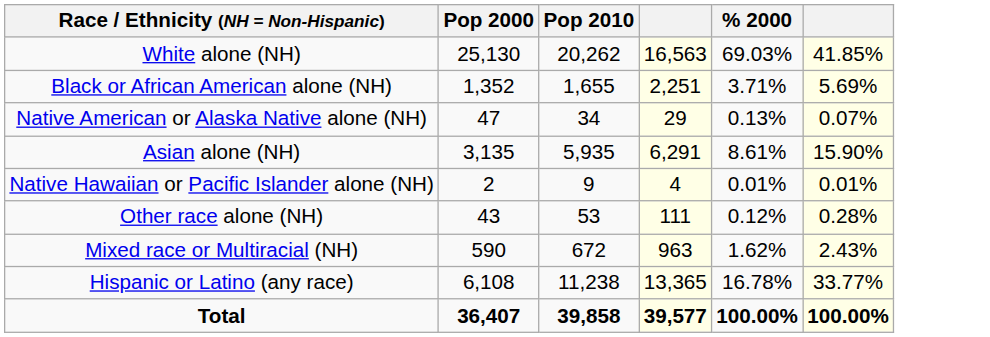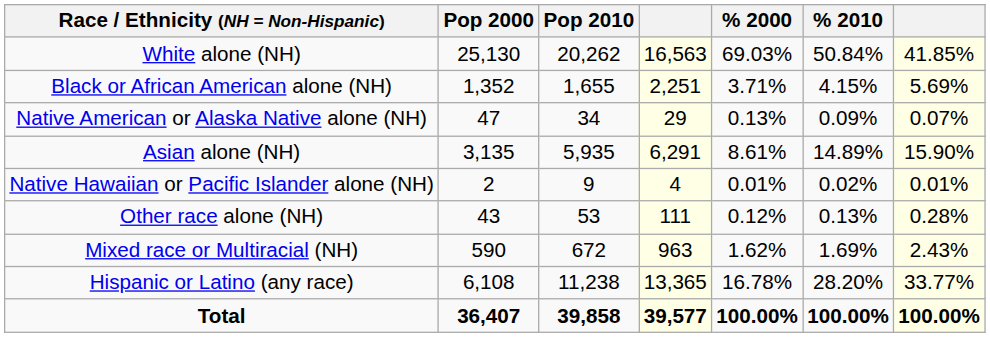 <table class="wikitable" style="text-align:center;">
 <tr>
 <th>Race / Ethnicity <small>(<em>NH = Non-Hispanic</em>)</small></th>
 <th>Pop 2000</th>
 <th>Pop 2010</th>
 <th></th>
 <th>% 2000</th>
+<th>% 2010</th>
 <th></th>
 </tr>
 <tr>
 <td><a href='#'>White</a> alone (NH)</td>
 <td>25,130</td>
 <td>20,262</td>
 <td style='background: #ffffe6;'>16,563</td>
 <td>69.03%</td>
+<td>50.84%</td>
 <td style='background: #ffffe6;'>41.85%</td>
 </tr>
 <tr>
 <td><a href='#'>Black or African American</a> alone (NH)</td>
 <td>1,352</td>
 <td>1,655</td>
 <td style='background: #ffffe6;'>2,251</td>
 <td>3.71%</td>
+<td>4.15%</td>
 <td style='background: #ffffe6;'>5.69%</td>
 </tr>
 <tr>
 <td><a href='#'>Native American</a> or <a href='#'>Alaska Native</a> alone (NH)</td>
 <td>47</td>
 <td>34</td>
 <td style='background: #ffffe6;'>29</td>
 <td>0.13%</td>
+<td>0.09%</td>
 <td style='background: #ffffe6;'>0.07%</td>
 </tr>
 <tr>
 <td><a href='#'>Asian</a> alone (NH)</td>
 <td>3,135</td>
 <td>5,935</td>
 <td style='background: #ffffe6;'>6,291</td>
 <td>8.61%</td>
+<td>14.89%</td>
 <td style='background: #ffffe6;'>15.90%</td>
 </tr>
 <tr>
 <td><a href='#'>Native Hawaiian</a> or <a href='#'>Pacific Islander</a> alone (NH)</td>
 <td>2</td>
 <td>9</td>
 <td style='background: #ffffe6;'>4</td>
 <td>0.01%</td>
+<td>0.02%</td>
 <td style='background: #ffffe6;'>0.01%</td>
 </tr>
 <tr>
 <td><a href='#'>Other race</a> alone (NH)</td>
 <td>43</td>
 <td>53</td>
 <td style='background: #ffffe6;'>111</td>
 <td>0.12%</td>
+<td>0.13%</td>
 <td style='background: #ffffe6;'>0.28%</td>
 </tr>
 <tr>
 <td><a href='#'>Mixed race or Multiracial</a> (NH)</td>
 <td>590</td>
 <td>672</td>
 <td style='background: #ffffe6;'>963</td>
 <td>1.62%</td>
+<td>1.69%</td>
 <td style='background: #ffffe6;'>2.43%</td>
 </tr>
 <tr>
 <td><a href='#'>Hispanic or Latino</a> (any race)</td>
 <td>6,108</td>
 <td>11,238</td>
 <td style='background: #ffffe6;'>13,365</td>
 <td>16.78%</td>
+<td>28.20%</td>
 <td style='background: #ffffe6;'>33.77%</td>
 </tr>
 <tr>
 <td><strong>Total</strong></td>
 <td><strong>36,407</strong></td>
 <td><strong>39,858</strong></td>
 <td style='background: #ffffe6;'><strong>39,577</strong></td>
 <td><strong>100.00%</strong></td>
+<td><strong>100.00%</strong></td>
 <td style='background: #ffffe6;'><strong>100.00%</strong></td>
 </tr>
 </table>
